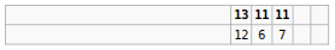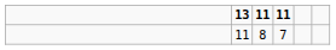 <table class="wikitable">
 <tr>
 <td style="width:18em"><strong></strong></td>
 <td align=center style="width:1em"><strong>13</strong></td>
 <td align=center style="width:1em"><strong>11</strong></td>
 <td align=center style="width:1em"><strong>11</strong></td>
 <td align=center style="width:1em"></td>
 <td align=center style="width:1em"></td>
 </tr>
 <tr>
 <td style="width:18em"></td>
-<td align=center style="width:1em">12</td>
-<td align=center style="width:1em">6</td>
+<td align=center style="width:1em">11</td>
+<td align=center style="width:1em">8</td>
 <td align=center style="width:1em">7</td>
 <td align=center style="width:1em"></td>
 <td align=center style="width:1em"></td>
 </tr>
 </table>
